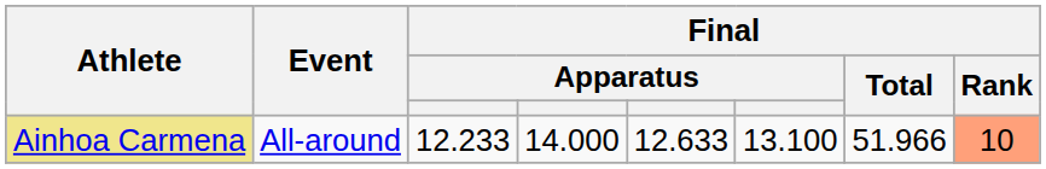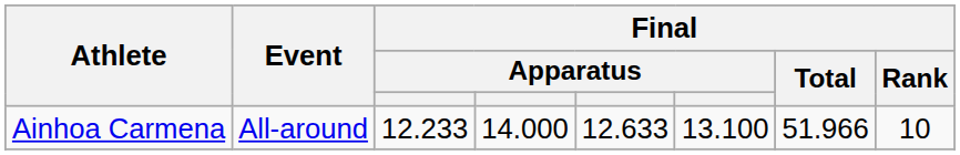 <table class="wikitable" style="font-size:90%">
 <tr>
 <th rowspan=3>Athlete</th>
 <th rowspan=3>Event</th>
 <th colspan =6>Final</th>
 </tr>
 <tr style="font-size:95%">
 <th colspan=4>Apparatus</th>
 <th rowspan=2>Total</th>
 <th rowspan=2>Rank</th>
 </tr>
 <tr style="font-size:95%">
 <th></th>
 <th></th>
 <th></th>
 <th></th>
 </tr>
 <tr align=center>
-<td align=left style="background: khaki;"><a href='#'>Ainhoa Carmena</a></td>
+<td align=left><a href='#'>Ainhoa Carmena</a></td>
 <td align=left><a href='#'>All-around</a></td>
 <td>12.233</td>
 <td>14.000</td>
 <td>12.633</td>
 <td>13.100</td>
 <td>51.966</td>
-<td style="background: lightsalmon;">10</td>
+<td>10</td>
 </tr>
 </table>
